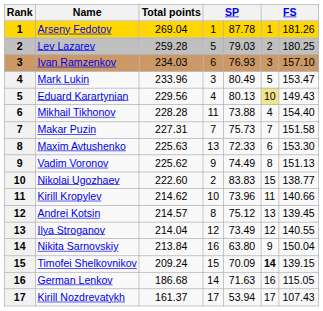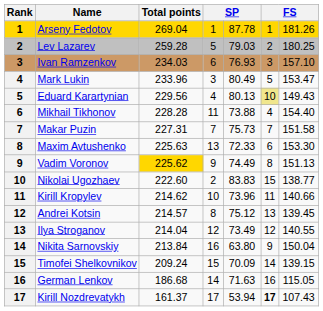 <table class="wikitable sortable">
 <tr>
 <th>Rank</th>
 <th>Name</th>
 <th>Total points</th>
 <th colspan="2" width="80px"><a href='#'>SP</a></th>
 <th colspan="2" width="80px"><a href='#'>FS</a></th>
 </tr>
 <tr bgcolor="gold">
 <td align="center"><strong>1</strong></td>
 <td><a href='#'>Arseny Fedotov</a></td>
 <td align="center">269.04</td>
 <td align="center">1</td>
 <td align="center">87.78</td>
 <td align="center">1</td>
 <td align="center">181.26</td>
 </tr>
 <tr bgcolor="silver">
 <td align="center"><strong>2</strong></td>
 <td><a href='#'>Lev Lazarev</a></td>
 <td align="center">259.28</td>
 <td align="center">5</td>
 <td align="center">79.03</td>
 <td align="center">2</td>
 <td align="center">180.25</td>
 </tr>
 <tr bgcolor="cc9966">
 <td align="center"><strong>3</strong></td>
 <td><a href='#'>Ivan Ramzenkov</a></td>
 <td align="center">234.03</td>
 <td align="center">6</td>
 <td align="center">76.93</td>
 <td align="center">3</td>
 <td align="center">157.10</td>
 </tr>
 <tr>
 <th>4</th>
 <td><a href='#'>Mark Lukin</a></td>
 <td align="center">233.96</td>
 <td align="center">3</td>
 <td align="center">80.49</td>
 <td align="center">5</td>
 <td align="center">153.47</td>
 </tr>
 <tr>
 <th>5</th>
 <td><a href='#'>Eduard Karartynian</a></td>
 <td align="center">229.56</td>
 <td align="center">4</td>
 <td align="center">80.13</td>
 <td align="center" style="background: khaki;">10</td>
 <td align="center">149.43</td>
 </tr>
 <tr>
 <th>6</th>
 <td><a href='#'>Mikhail Tikhonov</a></td>
 <td align="center">228.28</td>
 <td align="center">11</td>
 <td align="center">73.88</td>
 <td align="center">4</td>
 <td align="center">154.40</td>
 </tr>
 <tr>
 <th>7</th>
 <td><a href='#'>Makar Puzin</a></td>
 <td align="center">227.31</td>
 <td align="center">7</td>
 <td align="center">75.73</td>
 <td align="center">7</td>
 <td align="center">151.58</td>
 </tr>
 <tr>
 <th>8</th>
 <td><a href='#'>Maxim Avtushenko</a></td>
 <td align="center">225.63</td>
 <td align="center">13</td>
 <td align="center">72.33</td>
 <td align="center">6</td>
 <td align="center">153.30</td>
 </tr>
 <tr>
 <th>9</th>
 <td><a href='#'>Vadim Voronov</a></td>
-<td align="center">225.62</td>
+<td align="center" style="background: gold;">225.62</td>
 <td align="center">9</td>
 <td align="center">74.49</td>
 <td align="center">8</td>
 <td align="center">151.13</td>
 </tr>
 <tr>
 <th>10</th>
 <td><a href='#'>Nikolai Ugozhaev</a></td>
 <td align="center">222.60</td>
 <td align="center">2</td>
 <td align="center">83.83</td>
 <td align="center">15</td>
 <td align="center">138.77</td>
 </tr>
 <tr>
 <th>11</th>
 <td><a href='#'>Kirill Kropylev</a></td>
 <td align="center">214.62</td>
 <td align="center">10</td>
 <td align="center">73.96</td>
 <td align="center">11</td>
 <td align="center">140.66</td>
 </tr>
 <tr>
 <th>12</th>
 <td><a href='#'>Andrei Kotsin</a></td>
 <td align="center">214.57</td>
 <td align="center">8</td>
 <td align="center">75.12</td>
 <td align="center">13</td>
 <td align="center">139.45</td>
 </tr>
 <tr>
 <th>13</th>
 <td><a href='#'>Ilya Stroganov</a></td>
 <td align="center">214.04</td>
 <td align="center">12</td>
 <td align="center">73.49</td>
 <td align="center">12</td>
 <td align="center">140.55</td>
 </tr>
 <tr>
 <th>14</th>
 <td><a href='#'>Nikita Sarnovskiy</a></td>
 <td align="center">213.84</td>
 <td align="center">16</td>
 <td align="center">63.80</td>
 <td align="center">9</td>
 <td align="center">150.04</td>
 </tr>
 <tr>
 <th>15</th>
 <td><a href='#'>Timofei Shelkovnikov</a></td>
 <td align="center">209.24</td>
 <td align="center">15</td>
 <td align="center">70.09</td>
-<td align="center"><strong>14</strong></td>
+<td align="center">14</td>
 <td align="center">139.15</td>
 </tr>
 <tr>
 <th>16</th>
 <td><a href='#'>German Lenkov</a></td>
 <td align="center">186.68</td>
 <td align="center">14</td>
 <td align="center">71.63</td>
 <td align="center">16</td>
 <td align="center">115.05</td>
 </tr>
 <tr>
 <th>17</th>
 <td><a href='#'>Kirill Nozdrevatykh</a></td>
 <td align="center">161.37</td>
 <td align="center">17</td>
 <td align="center">53.94</td>
-<td align="center">17</td>
+<td align="center"><strong>17</strong></td>
 <td align="center">107.43</td>
 </tr>
 </table>
